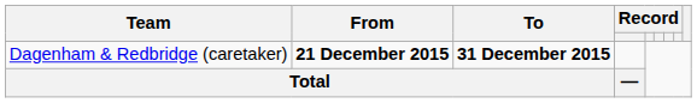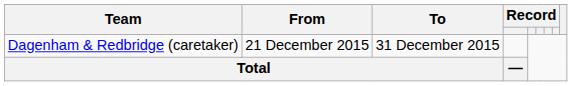 <table class=wikitable style=text-align:center>
 <tr>
 <th rowspan=2>Team</th>
 <th rowspan=2>From</th>
 <th rowspan=2>To</th>
 <th colspan=5>Record</th>
 <th rowspan=2></th>
 </tr>
 <tr>
 <th></th>
 <th></th>
 <th></th>
 <th></th>
 <th></th>
 </tr>
 <tr>
 <td align=left><a href='#'>Dagenham & Redbridge</a> (caretaker)</td>
-<td align=left><strong>21 December 2015</strong></td>
-<td align=left><strong>31 December 2015<br></strong></td>
+<td align=left>21 December 2015</td>
+<td align=left>31 December 2015<br></td>
 <td></td>
 </tr>
 <tr>
 <th colspan=3>Total<br></th>
 <th>—</th>
 </tr>
 </table>
